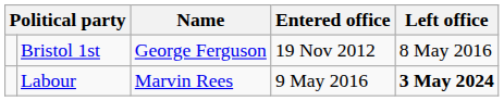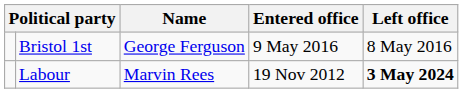 <table class="wikitable">
 <tr>
 <th colspan=2>Political party</th>
 <th>Name</th>
 <th>Entered office</th>
 <th>Left office</th>
 </tr>
 <tr>
 <td style="background-color: "></td>
 <td><a href='#'>Bristol 1st</a></td>
 <td><a href='#'>George Ferguson</a></td>
-<td>19 Nov 2012</td>
+<td>9 May 2016</td>
 <td>8 May 2016</td>
 </tr>
 <tr>
 <td style="background-color: "></td>
 <td><a href='#'>Labour</a></td>
 <td><a href='#'>Marvin Rees</a></td>
-<td>9 May 2016</td>
+<td>19 Nov 2012</td>
 <td><strong>3 May 2024</strong></td>
 </tr>
 </table>
